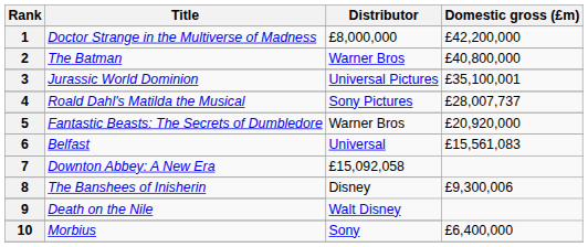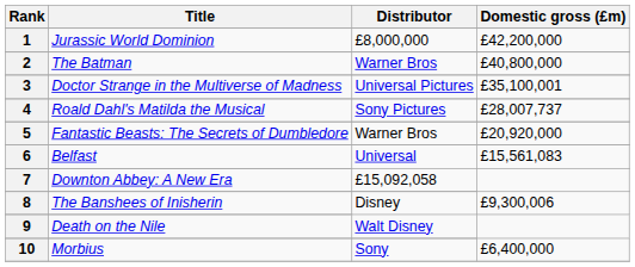 <table class="wikitable" style="margin:auto; margin:auto;">
 <tr>
 <th>Rank</th>
 <th>Title</th>
 <th>Distributor</th>
 <th>Domestic gross (£m)</th>
 </tr>
 <tr>
 </tr>
 <tr style="text-align:left;|">
 <th style="text-align:center;">1</th>
-<td><em><a href='#'>Doctor Strange in the Multiverse of Madness</a></em></td>
+<td><em><a href='#'>Jurassic World Dominion</a></em></td>
 <td>£8,000,000</td>
 <td>£42,200,000</td>
 </tr>
 <tr>
 </tr>
 <tr style="text-align:left;|">
 <th style="text-align:center;">2</th>
 <td><em><a href='#'>The Batman</a></em></td>
 <td><a href='#'>Warner Bros</a></td>
 <td>£40,800,000</td>
 </tr>
 <tr>
 </tr>
 <tr style="text-align:left;|">
 <th style="text-align:center;">3</th>
-<td><em><a href='#'>Jurassic World Dominion</a></em></td>
+<td><em><a href='#'>Doctor Strange in the Multiverse of Madness</a></em></td>
 <td><a href='#'>Universal Pictures</a></td>
 <td>£35,100,001</td>
 </tr>
 <tr>
 </tr>
 <tr style="text-align:left; |">
 <th style="text-align:center;">4</th>
 <td><em><a href='#'>Roald Dahl's Matilda the Musical</a></em></td>
 <td><a href='#'>Sony Pictures</a></td>
 <td>£28,007,737</td>
 </tr>
 <tr>
 </tr>
 <tr style="text-align:left;|">
 <th style="text-align:center;">5</th>
 <td><em><a href='#'>Fantastic Beasts: The Secrets of Dumbledore</a></em></td>
 <td>Warner Bros</td>
 <td>£20,920,000</td>
 </tr>
 <tr>
 </tr>
 <tr style="text-align:left; |">
 <th style="text-align:center;">6</th>
 <td><em><a href='#'>Belfast</a></em></td>
 <td rowspan=2><a href='#'>Universal</a></td>
 <td>£15,561,083</td>
 </tr>
 <tr>
 </tr>
 <tr style="text-align:left;|">
 <th style="text-align:center;">7</th>
 <td><em><a href='#'>Downton Abbey: A New Era</a></em></td>
 <td>£15,092,058</td>
 </tr>
 <tr>
 </tr>
 <tr style="text-align:left;  |">
 <th style="text-align:center;">8</th>
 <td><em><a href='#'>The Banshees of Inisherin</a></em></td>
 <td rowspan=2>Disney</td>
 <td>£9,300,006</td>
 </tr>
 <tr>
 </tr>
 <tr style="text-align:left;  |">
 <th style="text-align:center;">9</th>
 <td><em><a href='#'>Death on the Nile</a></em></td>
 <td><a href='#'>Walt Disney</a></td>
 </tr>
 <tr>
 </tr>
 <tr style="text-align:left;  |">
 <th style="text-align:center;">10</th>
 <td><em><a href='#'>Morbius</a></em></td>
 <td><a href='#'>Sony</a></td>
 <td>£6,400,000</td>
 </tr>
 <tr>
 </tr>
 </table>
